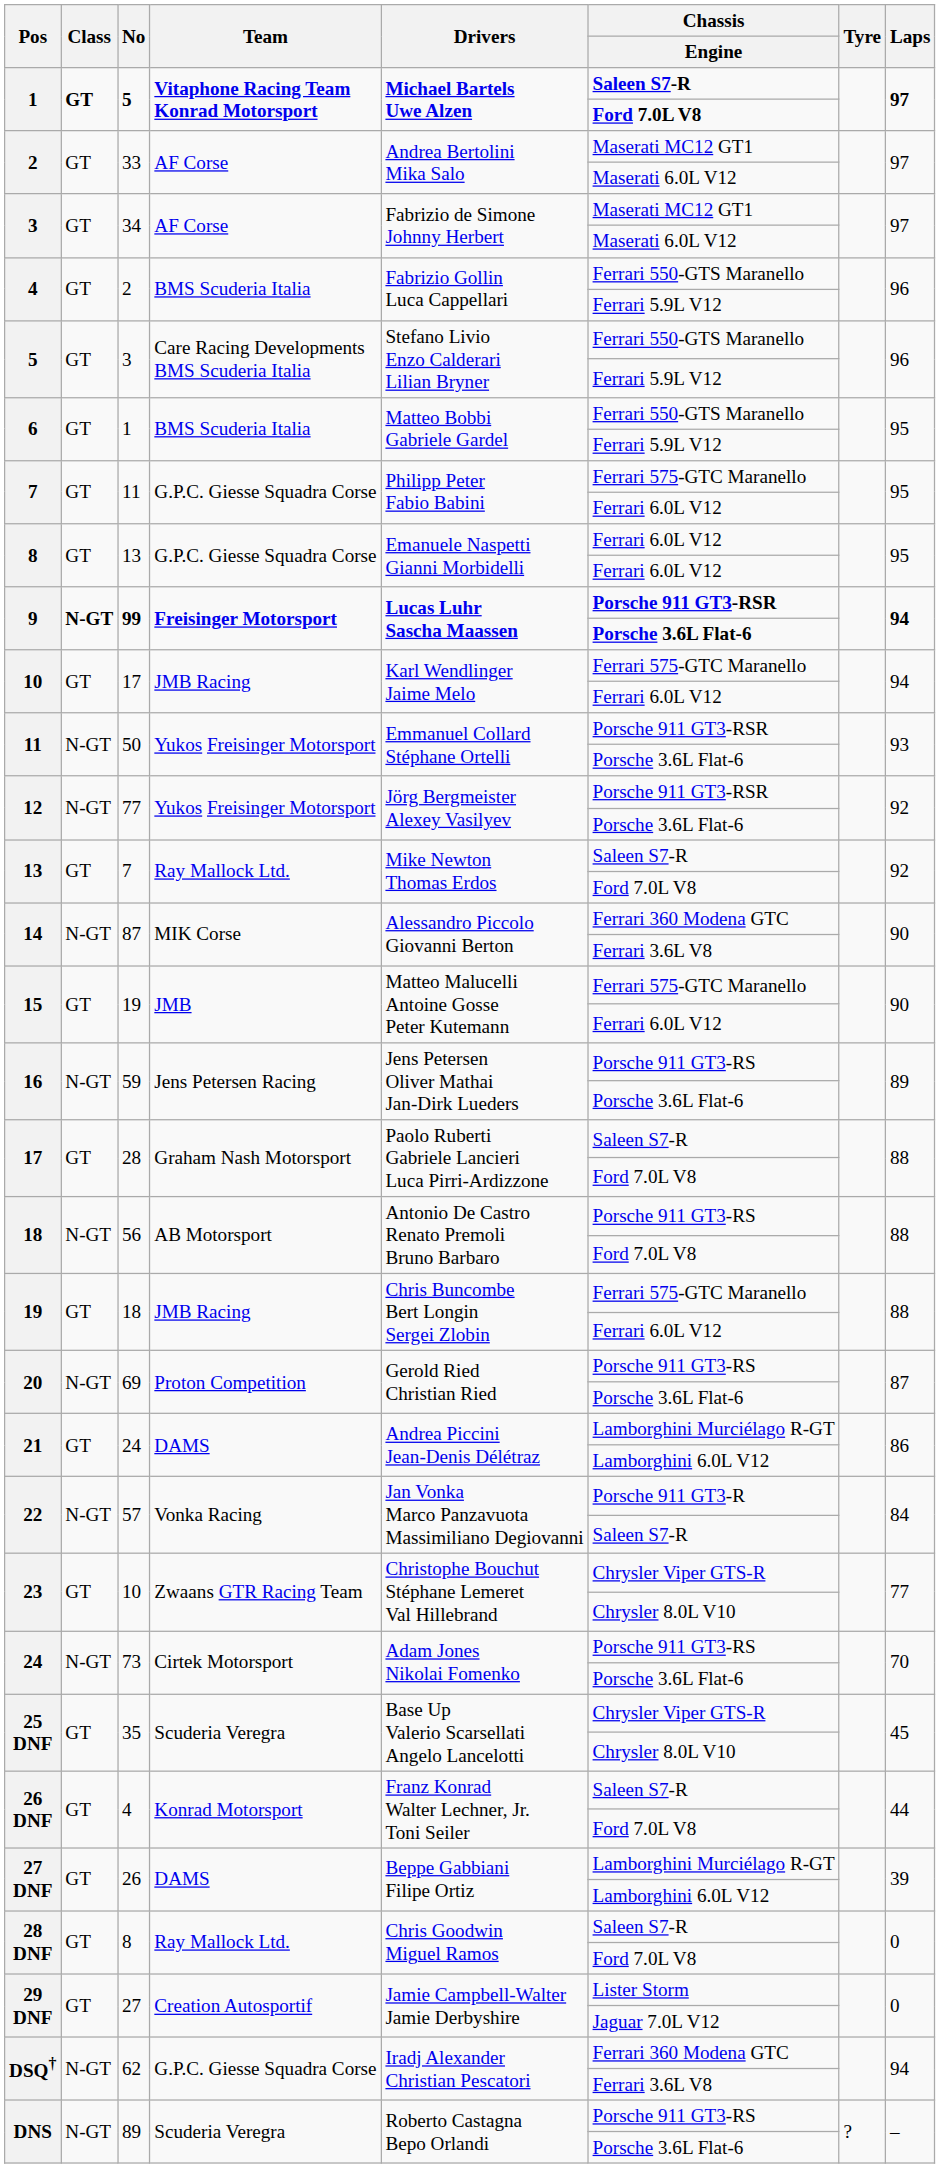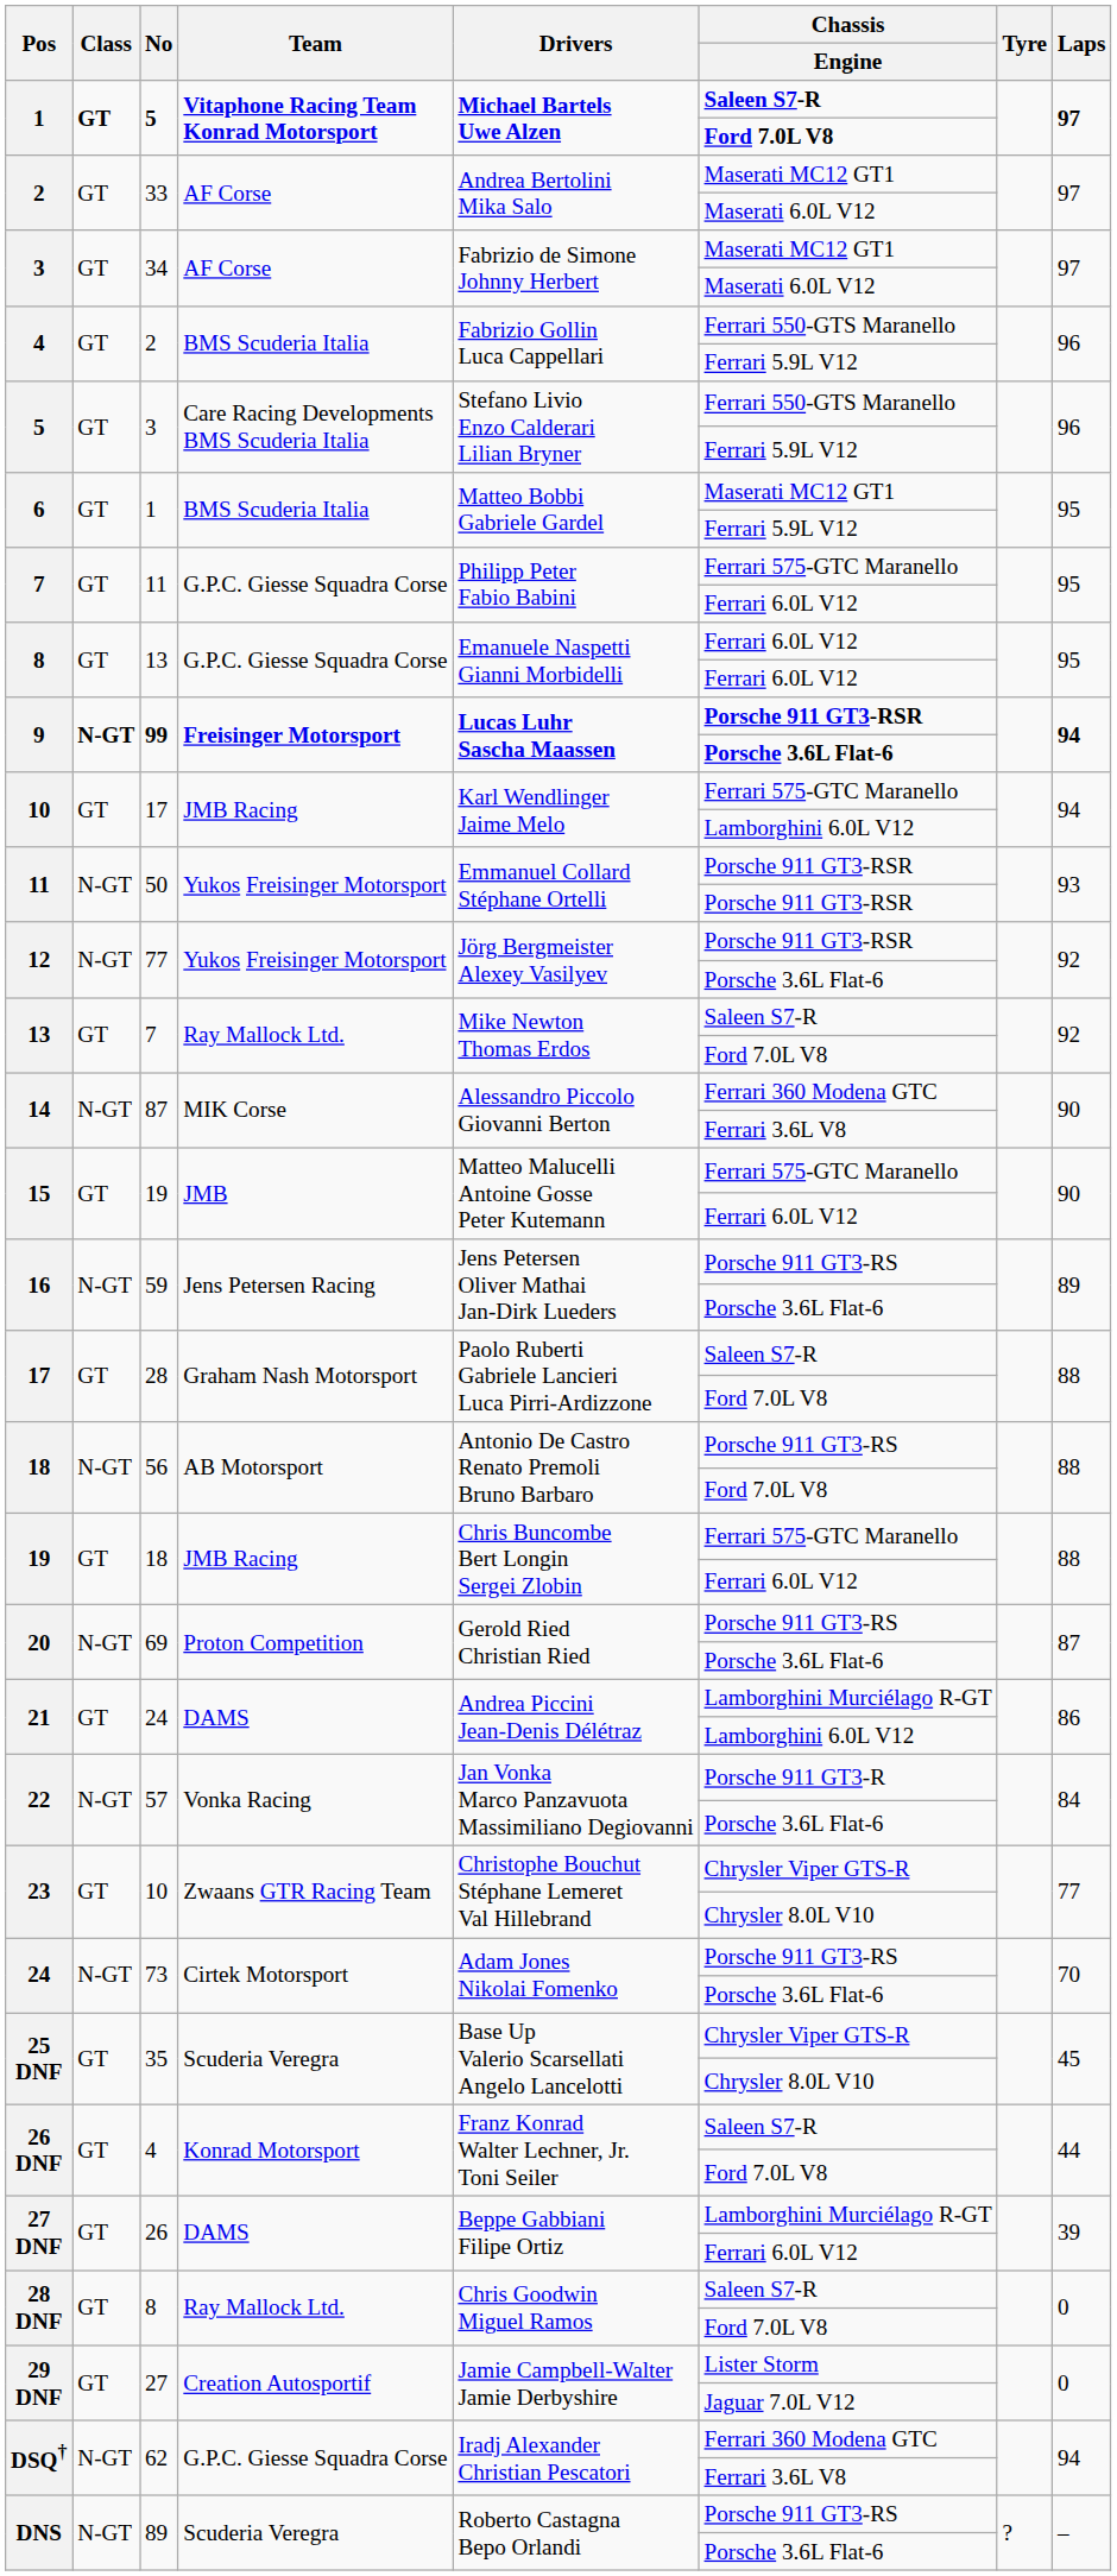 <table class="wikitable" style="font-size: 95%;">
 <tr>
 <th rowspan=2>Pos</th>
 <th rowspan=2>Class</th>
 <th rowspan=2>No</th>
 <th rowspan=2>Team</th>
 <th rowspan=2>Drivers</th>
 <th>Chassis</th>
 <th rowspan=2>Tyre</th>
 <th rowspan=2>Laps</th>
 </tr>
 <tr>
 <th>Engine</th>
 </tr>
 <tr style="font-weight:bold">
 <th rowspan=2>1</th>
 <td rowspan=2>GT</td>
 <td rowspan=2>5</td>
 <td rowspan=2> <a href='#'>Vitaphone Racing Team</a><br> <a href='#'>Konrad Motorsport</a></td>
 <td rowspan=2> <a href='#'>Michael Bartels</a><br> <a href='#'>Uwe Alzen</a></td>
 <td><a href='#'>Saleen S7</a>-R</td>
 <td rowspan=2></td>
 <td rowspan=2>97</td>
 </tr>
 <tr style="font-weight:bold">
 <td><a href='#'>Ford</a> 7.0L V8</td>
 </tr>
 <tr>
 <th rowspan=2>2</th>
 <td rowspan=2>GT</td>
 <td rowspan=2>33</td>
 <td rowspan=2> <a href='#'>AF Corse</a></td>
 <td rowspan=2> <a href='#'>Andrea Bertolini</a><br> <a href='#'>Mika Salo</a></td>
 <td><a href='#'>Maserati MC12</a> GT1</td>
 <td rowspan=2></td>
 <td rowspan=2>97</td>
 </tr>
 <tr>
 <td><a href='#'>Maserati</a> 6.0L V12</td>
 </tr>
 <tr>
 <th rowspan=2>3</th>
 <td rowspan=2>GT</td>
 <td rowspan=2>34</td>
 <td rowspan=2> <a href='#'>AF Corse</a></td>
 <td rowspan=2> Fabrizio de Simone<br> <a href='#'>Johnny Herbert</a></td>
 <td><a href='#'>Maserati MC12</a> GT1</td>
 <td rowspan=2></td>
 <td rowspan=2>97</td>
 </tr>
 <tr>
 <td><a href='#'>Maserati</a> 6.0L V12</td>
 </tr>
 <tr>
 <th rowspan=2>4</th>
 <td rowspan=2>GT</td>
 <td rowspan=2>2</td>
 <td rowspan=2> <a href='#'>BMS Scuderia Italia</a></td>
 <td rowspan=2> <a href='#'>Fabrizio Gollin</a><br> Luca Cappellari</td>
 <td><a href='#'>Ferrari 550</a>-GTS Maranello</td>
 <td rowspan=2></td>
 <td rowspan=2>96</td>
 </tr>
 <tr>
 <td><a href='#'>Ferrari</a> 5.9L V12</td>
 </tr>
 <tr>
 <th rowspan=2>5</th>
 <td rowspan=2>GT</td>
 <td rowspan=2>3</td>
 <td rowspan=2> Care Racing Developments<br> <a href='#'>BMS Scuderia Italia</a></td>
 <td rowspan=2> Stefano Livio<br> <a href='#'>Enzo Calderari</a><br> <a href='#'>Lilian Bryner</a></td>
 <td><a href='#'>Ferrari 550</a>-GTS Maranello</td>
 <td rowspan=2></td>
 <td rowspan=2>96</td>
 </tr>
 <tr>
 <td><a href='#'>Ferrari</a> 5.9L V12</td>
 </tr>
 <tr>
 <th rowspan=2>6</th>
 <td rowspan=2>GT</td>
 <td rowspan=2>1</td>
 <td rowspan=2> <a href='#'>BMS Scuderia Italia</a></td>
 <td rowspan=2> <a href='#'>Matteo Bobbi</a><br> <a href='#'>Gabriele Gardel</a></td>
-<td><a href='#'>Ferrari 550</a>-GTS Maranello</td>
+<td><a href='#'>Maserati MC12</a> GT1</td>
 <td rowspan=2></td>
 <td rowspan=2>95</td>
 </tr>
 <tr>
 <td><a href='#'>Ferrari</a> 5.9L V12</td>
 </tr>
 <tr>
 <th rowspan=2>7</th>
 <td rowspan=2>GT</td>
 <td rowspan=2>11</td>
 <td rowspan=2> G.P.C. Giesse Squadra Corse</td>
 <td rowspan=2> <a href='#'>Philipp Peter</a><br> <a href='#'>Fabio Babini</a></td>
 <td><a href='#'>Ferrari 575</a>-GTC Maranello</td>
 <td rowspan=2></td>
 <td rowspan=2>95</td>
 </tr>
 <tr>
 <td><a href='#'>Ferrari</a> 6.0L V12</td>
 </tr>
 <tr>
 <th rowspan=2>8</th>
 <td rowspan=2>GT</td>
 <td rowspan=2>13</td>
 <td rowspan=2> G.P.C. Giesse Squadra Corse</td>
 <td rowspan=2> <a href='#'>Emanuele Naspetti</a><br> <a href='#'>Gianni Morbidelli</a></td>
 <td><a href='#'>Ferrari</a> 6.0L V12</td>
 <td rowspan=2></td>
 <td rowspan=2>95</td>
 </tr>
 <tr>
 <td><a href='#'>Ferrari</a> 6.0L V12</td>
 </tr>
 <tr style="font-weight:bold">
 <th rowspan=2>9</th>
 <td rowspan=2>N-GT</td>
 <td rowspan=2>99</td>
 <td rowspan=2> <a href='#'>Freisinger Motorsport</a></td>
 <td rowspan=2> <a href='#'>Lucas Luhr</a><br> <a href='#'>Sascha Maassen</a></td>
 <td><a href='#'>Porsche 911 GT3</a>-RSR</td>
 <td rowspan=2></td>
 <td rowspan=2>94</td>
 </tr>
 <tr style="font-weight:bold">
 <td><a href='#'>Porsche</a> 3.6L Flat-6</td>
 </tr>
 <tr>
 <th rowspan=2>10</th>
 <td rowspan=2>GT</td>
 <td rowspan=2>17</td>
 <td rowspan=2> <a href='#'>JMB Racing</a></td>
 <td rowspan=2> <a href='#'>Karl Wendlinger</a><br> <a href='#'>Jaime Melo</a></td>
 <td><a href='#'>Ferrari 575</a>-GTC Maranello</td>
 <td rowspan=2></td>
 <td rowspan=2>94</td>
 </tr>
 <tr>
-<td><a href='#'>Ferrari</a> 6.0L V12</td>
+<td><a href='#'>Lamborghini</a> 6.0L V12</td>
 </tr>
 <tr>
 <th rowspan=2>11</th>
 <td rowspan=2>N-GT</td>
 <td rowspan=2>50</td>
 <td rowspan=2> <a href='#'>Yukos</a> <a href='#'>Freisinger Motorsport</a></td>
 <td rowspan=2> <a href='#'>Emmanuel Collard</a><br> <a href='#'>Stéphane Ortelli</a></td>
 <td><a href='#'>Porsche 911 GT3</a>-RSR</td>
 <td rowspan=2></td>
 <td rowspan=2>93</td>
 </tr>
 <tr>
-<td><a href='#'>Porsche</a> 3.6L Flat-6</td>
+<td><a href='#'>Porsche 911 GT3</a>-RSR</td>
 </tr>
 <tr>
 <th rowspan=2>12</th>
 <td rowspan=2>N-GT</td>
 <td rowspan=2>77</td>
 <td rowspan=2> <a href='#'>Yukos</a> <a href='#'>Freisinger Motorsport</a></td>
 <td rowspan=2> <a href='#'>Jörg Bergmeister</a><br> <a href='#'>Alexey Vasilyev</a></td>
 <td><a href='#'>Porsche 911 GT3</a>-RSR</td>
 <td rowspan=2></td>
 <td rowspan=2>92</td>
 </tr>
 <tr>
 <td><a href='#'>Porsche</a> 3.6L Flat-6</td>
 </tr>
 <tr>
 <th rowspan=2>13</th>
 <td rowspan=2>GT</td>
 <td rowspan=2>7</td>
 <td rowspan=2> <a href='#'>Ray Mallock Ltd.</a></td>
 <td rowspan=2> <a href='#'>Mike Newton</a><br> <a href='#'>Thomas Erdos</a></td>
 <td><a href='#'>Saleen S7</a>-R</td>
 <td rowspan=2></td>
 <td rowspan=2>92</td>
 </tr>
 <tr>
 <td><a href='#'>Ford</a> 7.0L V8</td>
 </tr>
 <tr>
 <th rowspan=2>14</th>
 <td rowspan=2>N-GT</td>
 <td rowspan=2>87</td>
 <td rowspan=2> MIK Corse</td>
 <td rowspan=2> <a href='#'>Alessandro Piccolo</a><br> Giovanni Berton</td>
 <td><a href='#'>Ferrari 360 Modena</a> GTC</td>
 <td rowspan=2></td>
 <td rowspan=2>90</td>
 </tr>
 <tr>
 <td><a href='#'>Ferrari</a> 3.6L V8</td>
 </tr>
 <tr>
 <th rowspan=2>15</th>
 <td rowspan=2>GT</td>
 <td rowspan=2>19</td>
 <td rowspan=2> <a href='#'>JMB</a></td>
 <td rowspan=2> Matteo Malucelli<br> Antoine Gosse<br> Peter Kutemann</td>
 <td><a href='#'>Ferrari 575</a>-GTC Maranello</td>
 <td rowspan=2></td>
 <td rowspan=2>90</td>
 </tr>
 <tr>
 <td><a href='#'>Ferrari</a> 6.0L V12</td>
 </tr>
 <tr>
 <th rowspan=2>16</th>
 <td rowspan=2>N-GT</td>
 <td rowspan=2>59</td>
 <td rowspan=2> Jens Petersen Racing</td>
 <td rowspan=2> Jens Petersen<br> Oliver Mathai<br> Jan-Dirk Lueders</td>
 <td><a href='#'>Porsche 911 GT3</a>-RS</td>
 <td rowspan=2></td>
 <td rowspan=2>89</td>
 </tr>
 <tr>
 <td><a href='#'>Porsche</a> 3.6L Flat-6</td>
 </tr>
 <tr>
 <th rowspan=2>17</th>
 <td rowspan=2>GT</td>
 <td rowspan=2>28</td>
 <td rowspan=2> Graham Nash Motorsport</td>
 <td rowspan=2> Paolo Ruberti<br> Gabriele Lancieri<br> Luca Pirri-Ardizzone</td>
 <td><a href='#'>Saleen S7</a>-R</td>
 <td rowspan=2></td>
 <td rowspan=2>88</td>
 </tr>
 <tr>
 <td><a href='#'>Ford</a> 7.0L V8</td>
 </tr>
 <tr>
 <th rowspan=2>18</th>
 <td rowspan=2>N-GT</td>
 <td rowspan=2>56</td>
 <td rowspan=2> AB Motorsport</td>
 <td rowspan=2> Antonio De Castro<br> Renato Premoli<br> Bruno Barbaro</td>
 <td><a href='#'>Porsche 911 GT3</a>-RS</td>
 <td rowspan=2></td>
 <td rowspan=2>88</td>
 </tr>
 <tr>
 <td><a href='#'>Ford</a> 7.0L V8</td>
 </tr>
 <tr>
 <th rowspan=2>19</th>
 <td rowspan=2>GT</td>
 <td rowspan=2>18</td>
 <td rowspan=2> <a href='#'>JMB Racing</a></td>
 <td rowspan=2> <a href='#'>Chris Buncombe</a><br> Bert Longin<br> <a href='#'>Sergei Zlobin</a></td>
 <td><a href='#'>Ferrari 575</a>-GTC Maranello</td>
 <td rowspan=2></td>
 <td rowspan=2>88</td>
 </tr>
 <tr>
 <td><a href='#'>Ferrari</a> 6.0L V12</td>
 </tr>
 <tr>
 <th rowspan=2>20</th>
 <td rowspan=2>N-GT</td>
 <td rowspan=2>69</td>
 <td rowspan=2> <a href='#'>Proton Competition</a></td>
 <td rowspan=2> Gerold Ried<br> Christian Ried</td>
 <td><a href='#'>Porsche 911 GT3</a>-RS</td>
 <td rowspan=2></td>
 <td rowspan=2>87</td>
 </tr>
 <tr>
 <td><a href='#'>Porsche</a> 3.6L Flat-6</td>
 </tr>
 <tr>
 <th rowspan=2>21</th>
 <td rowspan=2>GT</td>
 <td rowspan=2>24</td>
 <td rowspan=2> <a href='#'>DAMS</a></td>
 <td rowspan=2> <a href='#'>Andrea Piccini</a><br> <a href='#'>Jean-Denis Délétraz</a></td>
 <td><a href='#'>Lamborghini Murciélago</a> R-GT</td>
 <td rowspan=2></td>
 <td rowspan=2>86</td>
 </tr>
 <tr>
 <td><a href='#'>Lamborghini</a> 6.0L V12</td>
 </tr>
 <tr>
 <th rowspan=2>22</th>
 <td rowspan=2>N-GT</td>
 <td rowspan=2>57</td>
 <td rowspan=2> Vonka Racing</td>
 <td rowspan=2> <a href='#'>Jan Vonka</a><br> Marco Panzavuota<br> Massimiliano Degiovanni</td>
 <td><a href='#'>Porsche 911 GT3</a>-R</td>
 <td rowspan=2></td>
 <td rowspan=2>84</td>
 </tr>
 <tr>
-<td><a href='#'>Saleen S7</a>-R</td>
+<td><a href='#'>Porsche</a> 3.6L Flat-6</td>
 </tr>
 <tr>
 <th rowspan=2>23</th>
 <td rowspan=2>GT</td>
 <td rowspan=2>10</td>
 <td rowspan=2> Zwaans <a href='#'>GTR Racing</a> Team</td>
 <td rowspan=2> <a href='#'>Christophe Bouchut</a><br> Stéphane Lemeret<br> Val Hillebrand</td>
 <td><a href='#'>Chrysler Viper GTS-R</a></td>
 <td rowspan=2></td>
 <td rowspan=2>77</td>
 </tr>
 <tr>
 <td><a href='#'>Chrysler</a> 8.0L V10</td>
 </tr>
 <tr>
 <th rowspan=2>24</th>
 <td rowspan=2>N-GT</td>
 <td rowspan=2>73</td>
 <td rowspan=2> Cirtek Motorsport</td>
 <td rowspan=2> <a href='#'>Adam Jones</a><br> <a href='#'>Nikolai Fomenko</a></td>
 <td><a href='#'>Porsche 911 GT3</a>-RS</td>
 <td rowspan=2></td>
 <td rowspan=2>70</td>
 </tr>
 <tr>
 <td><a href='#'>Porsche</a> 3.6L Flat-6</td>
 </tr>
 <tr>
 <th rowspan=2>25<br>DNF</th>
 <td rowspan=2>GT</td>
 <td rowspan=2>35</td>
 <td rowspan=2> Scuderia Veregra</td>
 <td rowspan=2> Base Up<br> Valerio Scarsellati<br> Angelo Lancelotti</td>
 <td><a href='#'>Chrysler Viper GTS-R</a></td>
 <td rowspan=2></td>
 <td rowspan=2>45</td>
 </tr>
 <tr>
 <td><a href='#'>Chrysler</a> 8.0L V10</td>
 </tr>
 <tr>
 <th rowspan=2>26<br>DNF</th>
 <td rowspan=2>GT</td>
 <td rowspan=2>4</td>
 <td rowspan=2> <a href='#'>Konrad Motorsport</a></td>
 <td rowspan=2> <a href='#'>Franz Konrad</a><br> Walter Lechner, Jr.<br> Toni Seiler</td>
 <td><a href='#'>Saleen S7</a>-R</td>
 <td rowspan=2></td>
 <td rowspan=2>44</td>
 </tr>
 <tr>
 <td><a href='#'>Ford</a> 7.0L V8</td>
 </tr>
 <tr>
 <th rowspan=2>27<br>DNF</th>
 <td rowspan=2>GT</td>
 <td rowspan=2>26</td>
 <td rowspan=2> <a href='#'>DAMS</a></td>
 <td rowspan=2> <a href='#'>Beppe Gabbiani</a><br> Filipe Ortiz</td>
 <td><a href='#'>Lamborghini Murciélago</a> R-GT</td>
 <td rowspan=2></td>
 <td rowspan=2>39</td>
 </tr>
 <tr>
-<td><a href='#'>Lamborghini</a> 6.0L V12</td>
+<td><a href='#'>Ferrari</a> 6.0L V12</td>
 </tr>
 <tr>
 <th rowspan=2>28<br>DNF</th>
 <td rowspan=2>GT</td>
 <td rowspan=2>8</td>
 <td rowspan=2> <a href='#'>Ray Mallock Ltd.</a></td>
 <td rowspan=2> <a href='#'>Chris Goodwin</a><br> <a href='#'>Miguel Ramos</a></td>
 <td><a href='#'>Saleen S7</a>-R</td>
 <td rowspan=2></td>
 <td rowspan=2>0</td>
 </tr>
 <tr>
 <td><a href='#'>Ford</a> 7.0L V8</td>
 </tr>
 <tr>
 <th rowspan=2>29<br>DNF</th>
 <td rowspan=2>GT</td>
 <td rowspan=2>27</td>
 <td rowspan=2> <a href='#'>Creation Autosportif</a></td>
 <td rowspan=2> <a href='#'>Jamie Campbell-Walter</a><br> Jamie Derbyshire</td>
 <td><a href='#'>Lister Storm</a></td>
 <td rowspan=2></td>
 <td rowspan=2>0</td>
 </tr>
 <tr>
 <td><a href='#'>Jaguar</a> 7.0L V12</td>
 </tr>
 <tr>
 <th rowspan=2>DSQ<sup>†</sup></th>
 <td rowspan=2>N-GT</td>
 <td rowspan=2>62</td>
 <td rowspan=2> G.P.C. Giesse Squadra Corse</td>
 <td rowspan=2> <a href='#'>Iradj Alexander</a><br> <a href='#'>Christian Pescatori</a></td>
 <td><a href='#'>Ferrari 360 Modena</a> GTC</td>
 <td rowspan=2></td>
 <td rowspan=2>94</td>
 </tr>
 <tr>
 <td><a href='#'>Ferrari</a> 3.6L V8</td>
 </tr>
 <tr>
 <th rowspan=2>DNS</th>
 <td rowspan=2>N-GT</td>
 <td rowspan=2>89</td>
 <td rowspan=2> Scuderia Veregra</td>
 <td rowspan=2> Roberto Castagna<br> Bepo Orlandi</td>
 <td><a href='#'>Porsche 911 GT3</a>-RS</td>
 <td rowspan=2>?</td>
 <td rowspan=2>–</td>
 </tr>
 <tr>
 <td><a href='#'>Porsche</a> 3.6L Flat-6</td>
 </tr>
 </table>
